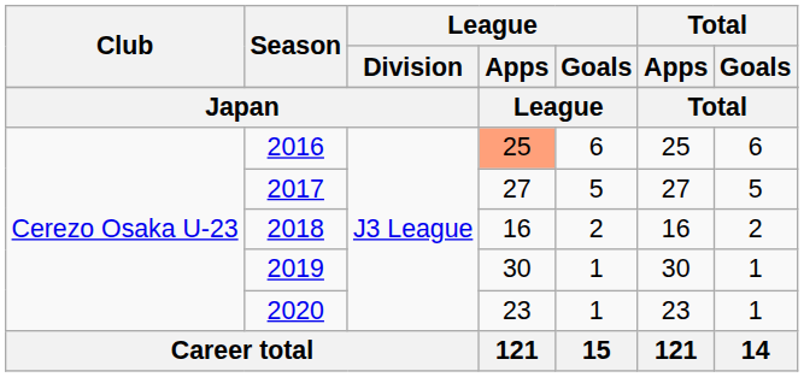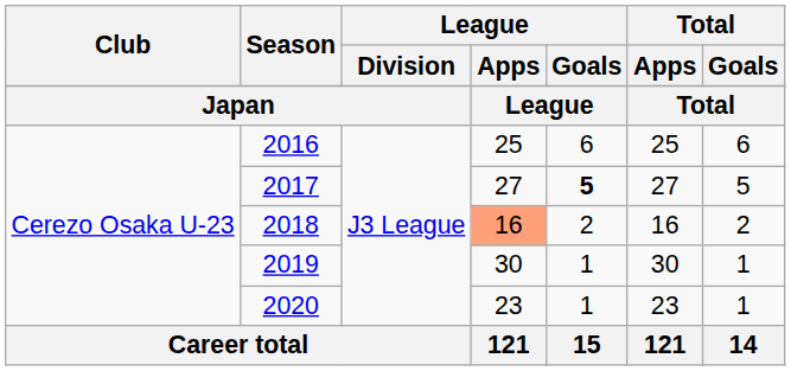 <table class="wikitable" style="text-align:center">
 <tr>
 <th rowspan=2>Club</th>
 <th rowspan=2>Season</th>
 <th colspan=3>League</th>
 <th colspan=2>Total</th>
 </tr>
 <tr>
 <th>Division</th>
 <th>Apps</th>
 <th>Goals</th>
 <th>Apps</th>
 <th>Goals</th>
 </tr>
 <tr>
 </tr>
 <tr>
 <th colspan=3>Japan</th>
 <th colspan=2>League</th>
 <th colspan=2>Total</th>
 </tr>
 <tr>
 <td rowspan="5"><a href='#'>Cerezo Osaka U-23</a></td>
 <td><a href='#'>2016</a></td>
 <td rowspan="5"><a href='#'>J3 League</a></td>
-<td style="background: lightsalmon;">25</td>
+<td>25</td>
 <td>6</td>
 <td>25</td>
 <td>6</td>
 </tr>
 <tr>
 <td><a href='#'>2017</a></td>
 <td>27</td>
-<td>5</td>
+<td><strong>5</strong></td>
 <td>27</td>
 <td>5</td>
 </tr>
 <tr>
 <td><a href='#'>2018</a></td>
-<td>16</td>
+<td style="background: lightsalmon;">16</td>
 <td>2</td>
 <td>16</td>
 <td>2</td>
 </tr>
 <tr>
 <td><a href='#'>2019</a></td>
 <td>30</td>
 <td>1</td>
 <td>30</td>
 <td>1</td>
 </tr>
 <tr>
 <td><a href='#'>2020</a></td>
 <td>23</td>
 <td>1</td>
 <td>23</td>
 <td>1</td>
 </tr>
 <tr>
 <th colspan=3>Career total</th>
 <th>121</th>
 <th>15</th>
 <th>121</th>
 <th>14</th>
 </tr>
 </table>
